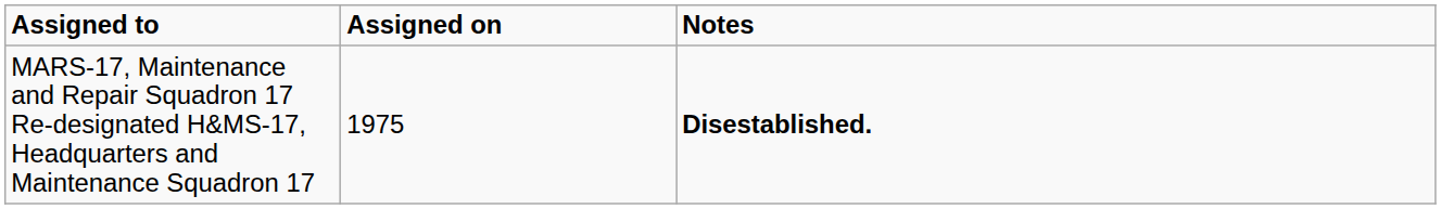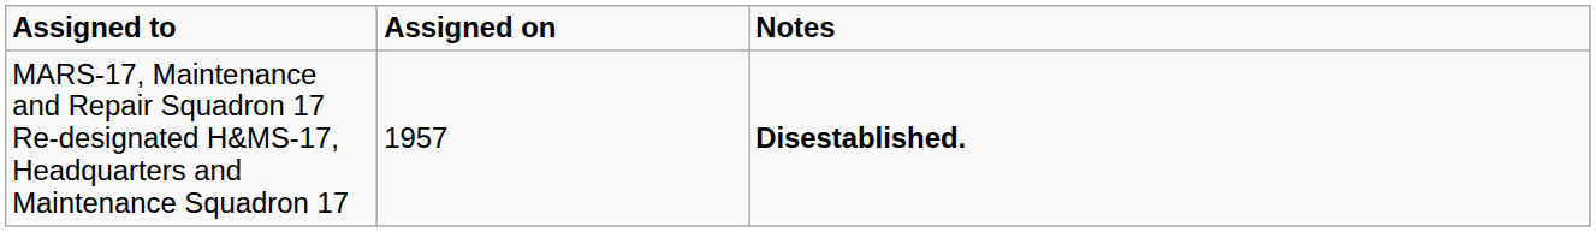 <table class="wikitable" style="width: 70%;">
 <tr>
 <td style="width: 200px;"><strong>Assigned to</strong></td>
 <td style="width: 200px;"><strong>Assigned on</strong></td>
 <td><strong>Notes</strong></td>
 </tr>
 <tr>
 <td>MARS-17, Maintenance and Repair Squadron 17<br>Re-designated H&MS-17, Headquarters and Maintenance Squadron 17</td>
-<td>1975</td>
+<td>1957</td>
 <td><strong>Disestablished.</strong></td>
 </tr>
 </table>
